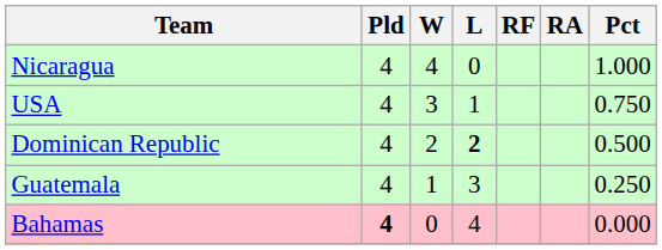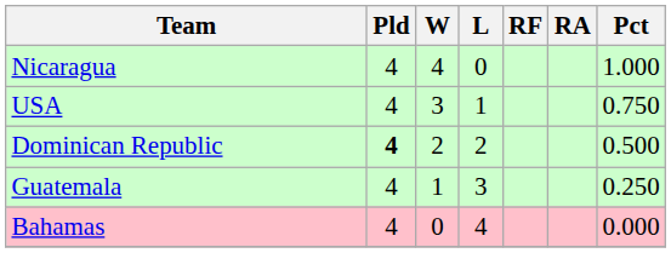 <table class=wikitable style="text-align:center">
 <tr>
 <th width=220>Team</th>
 <th width=20>Pld</th>
 <th width=20>W</th>
 <th width=20>L</th>
 <th width=20>RF</th>
 <th width=20>RA</th>
 <th width=20>Pct</th>
 </tr>
 <tr style="background:#ccffcc;">
 <td align=left><a href='#'>Nicaragua</a></td>
 <td>4</td>
 <td>4</td>
 <td>0</td>
 <td></td>
 <td></td>
 <td>1.000</td>
 </tr>
 <tr style="background:#ccffcc;">
 <td align=left><a href='#'>USA</a></td>
 <td>4</td>
 <td>3</td>
 <td>1</td>
 <td></td>
 <td></td>
 <td>0.750</td>
 </tr>
 <tr style="background:#ccffcc;">
 <td align=left><a href='#'>Dominican Republic</a></td>
-<td>4</td>
+<td><strong>4</strong></td>
 <td>2</td>
-<td><strong>2</strong></td>
+<td>2</td>
 <td></td>
 <td></td>
 <td>0.500</td>
 </tr>
 <tr style="background:#ccffcc;">
 <td align=left><a href='#'>Guatemala</a></td>
 <td>4</td>
 <td>1</td>
 <td>3</td>
 <td></td>
 <td></td>
 <td>0.250</td>
 </tr>
 <tr bgcolor=pink style="width: 20px;">
 <td align=left><a href='#'>Bahamas</a></td>
-<td><strong>4</strong></td>
+<td>4</td>
 <td>0</td>
 <td>4</td>
 <td></td>
 <td></td>
 <td>0.000</td>
 </tr>
 <tr>
 </tr>
 </table>
